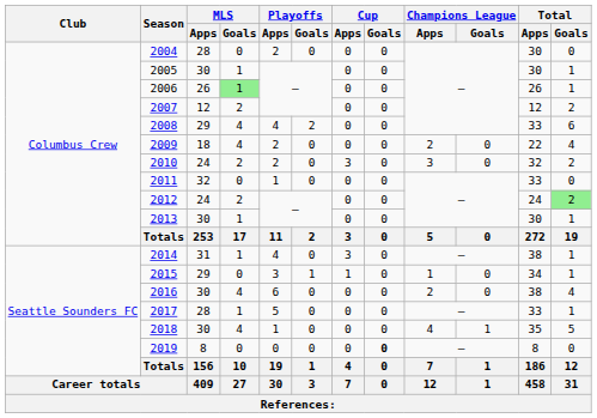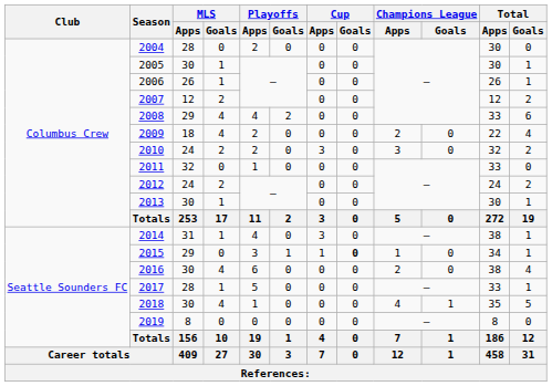 <table class="wikitable" Style="text-align: center">
 <tr>
 <th rowspan="2">Club</th>
 <th rowspan="2">Season</th>
 <th colspan="2"><a href='#'>MLS</a></th>
 <th colspan="2"><a href='#'>Playoffs</a></th>
 <th colspan="2"><a href='#'>Cup</a></th>
 <th colspan="2"><a href='#'>Champions League</a></th>
 <th colspan="2">Total</th>
 </tr>
 <tr>
 <th>Apps</th>
 <th>Goals</th>
 <th>Apps</th>
 <th>Goals</th>
 <th>Apps</th>
 <th>Goals</th>
 <th>Apps</th>
 <th>Goals</th>
 <th>Apps</th>
 <th>Goals</th>
 </tr>
 <tr>
 <td rowspan="11"><a href='#'>Columbus Crew</a></td>
 <td><a href='#'>2004</a></td>
 <td>28</td>
 <td>0</td>
 <td>2</td>
 <td>0</td>
 <td>0</td>
 <td>0</td>
 <td rowspan="5" colspan="2">—</td>
 <td>30</td>
 <td>0</td>
 </tr>
 <tr>
 <td>2005</td>
 <td>30</td>
 <td>1</td>
 <td rowspan="3" colspan="2">—</td>
 <td>0</td>
 <td>0</td>
 <td>30</td>
 <td>1</td>
 </tr>
 <tr>
 <td>2006</td>
 <td>26</td>
-<td style="background: lightgreen;">1</td>
+<td>1</td>
 <td>0</td>
 <td>0</td>
 <td>26</td>
 <td>1</td>
 </tr>
 <tr>
 <td><a href='#'>2007</a></td>
 <td>12</td>
 <td>2</td>
 <td>0</td>
 <td>0</td>
 <td>12</td>
 <td>2</td>
 </tr>
 <tr>
 <td><a href='#'>2008</a></td>
 <td>29</td>
 <td>4</td>
 <td>4</td>
 <td>2</td>
 <td>0</td>
 <td>0</td>
 <td>33</td>
 <td>6</td>
 </tr>
 <tr>
 <td><a href='#'>2009</a></td>
 <td>18</td>
 <td>4</td>
 <td>2</td>
 <td>0</td>
 <td>0</td>
 <td>0</td>
 <td>2</td>
 <td>0</td>
 <td>22</td>
 <td>4</td>
 </tr>
 <tr>
 <td><a href='#'>2010</a></td>
 <td>24</td>
 <td>2</td>
 <td>2</td>
 <td>0</td>
 <td>3</td>
 <td>0</td>
 <td>3</td>
 <td>0</td>
 <td>32</td>
 <td>2</td>
 </tr>
 <tr>
 <td><a href='#'>2011</a></td>
 <td>32</td>
 <td>0</td>
 <td>1</td>
 <td>0</td>
 <td>0</td>
 <td>0</td>
 <td rowspan="3" colspan="2">—</td>
 <td>33</td>
 <td>0</td>
 </tr>
 <tr>
 <td><a href='#'>2012</a></td>
 <td>24</td>
 <td>2</td>
 <td rowspan="2" colspan="2">—</td>
 <td>0</td>
 <td>0</td>
 <td>24</td>
-<td style="background: lightgreen;">2</td>
+<td>2</td>
 </tr>
 <tr>
 <td><a href='#'>2013</a></td>
 <td>30</td>
 <td>1</td>
 <td>0</td>
 <td>0</td>
 <td>30</td>
 <td>1</td>
 </tr>
 <tr>
 <th>Totals</th>
 <th>253</th>
 <th>17</th>
 <th>11</th>
 <th>2</th>
 <th>3</th>
 <th>0</th>
 <th>5</th>
 <th>0</th>
 <th>272</th>
 <th>19</th>
 </tr>
 <tr>
 <td rowspan="7"><a href='#'>Seattle Sounders FC</a></td>
 <td><a href='#'>2014</a></td>
 <td>31</td>
 <td>1</td>
 <td>4</td>
 <td>0</td>
 <td>3</td>
 <td>0</td>
 <td colspan="2">—</td>
 <td>38</td>
 <td>1</td>
 </tr>
 <tr>
 <td><a href='#'>2015</a></td>
 <td>29</td>
 <td>0</td>
 <td>3</td>
 <td>1</td>
 <td>1</td>
-<td>0</td>
+<td><strong>0</strong></td>
 <td>1</td>
 <td>0</td>
 <td>34</td>
 <td>1</td>
 </tr>
 <tr>
 <td><a href='#'>2016</a></td>
 <td>30</td>
 <td>4</td>
 <td>6</td>
 <td>0</td>
 <td>0</td>
 <td>0</td>
 <td>2</td>
 <td>0</td>
 <td>38</td>
 <td>4</td>
 </tr>
 <tr>
 <td><a href='#'>2017</a></td>
 <td>28</td>
 <td>1</td>
 <td>5</td>
 <td>0</td>
 <td>0</td>
 <td>0</td>
 <td colspan="2">—</td>
 <td>33</td>
 <td>1</td>
 </tr>
 <tr>
 <td><a href='#'>2018</a></td>
 <td>30</td>
 <td>4</td>
 <td>1</td>
 <td>0</td>
 <td>0</td>
 <td>0</td>
 <td>4</td>
 <td>1</td>
 <td>35</td>
 <td>5</td>
 </tr>
 <tr>
 <td><a href='#'>2019</a></td>
 <td>8</td>
 <td>0</td>
 <td>0</td>
 <td>0</td>
 <td>0</td>
-<td><strong>0</strong></td>
+<td>0</td>
 <td colspan="2">—</td>
 <td>8</td>
 <td>0</td>
 </tr>
 <tr>
 <th>Totals</th>
 <th>156</th>
 <th>10</th>
 <th>19</th>
 <th>1</th>
 <th>4</th>
 <th>0</th>
 <th>7</th>
 <th>1</th>
 <th>186</th>
 <th>12</th>
 </tr>
 <tr>
 <th colspan="2">Career totals</th>
 <th>409</th>
 <th>27</th>
 <th>30</th>
 <th>3</th>
 <th>7</th>
 <th>0</th>
 <th>12</th>
 <th>1</th>
 <th>458</th>
 <th>31</th>
 </tr>
 <tr>
 <th colspan="12">References:</th>
 </tr>
 </table>
